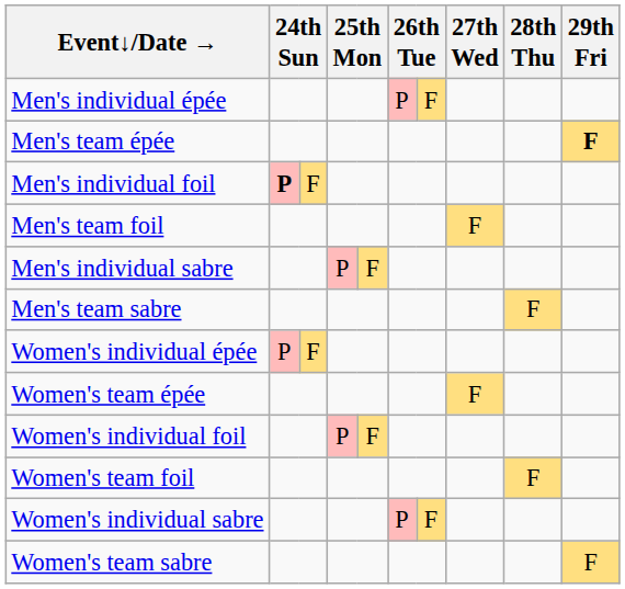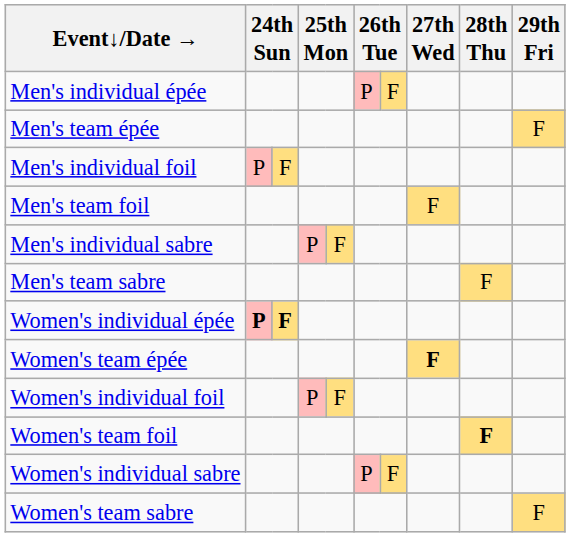 <table class="wikitable" style="margin:0.5em auto; font-size:90%; line-height:1.25em; text-align:center;">
 <tr>
 <th>Event↓/Date →</th>
 <th colspan=2>24th<br>Sun</th>
 <th colspan=2>25th<br>Mon</th>
 <th colspan=2>26th<br>Tue</th>
 <th>27th<br>Wed</th>
 <th>28th<br>Thu</th>
 <th>29th<br>Fri</th>
 </tr>
 <tr>
 <td style="text-align:left;"><a href='#'>Men's individual épée</a></td>
 <td colspan=2></td>
 <td colspan=2></td>
 <td bgcolor="#FFBBBB">P</td>
 <td bgcolor="#FFDF80">F</td>
 <td></td>
 <td></td>
 <td></td>
 </tr>
 <tr>
 <td style="text-align:left;"><a href='#'>Men's team épée</a></td>
 <td colspan=2></td>
 <td colspan=2></td>
 <td colspan=2></td>
 <td></td>
 <td></td>
-<td bgcolor="#FFDF80"><strong>F</strong></td>
+<td bgcolor="#FFDF80">F</td>
 </tr>
 <tr>
 <td style="text-align:left;"><a href='#'>Men's individual foil</a></td>
-<td bgcolor="#FFBBBB"><strong>P</strong></td>
+<td bgcolor="#FFBBBB">P</td>
 <td bgcolor="#FFDF80">F</td>
 <td colspan=2></td>
 <td colspan=2></td>
 <td></td>
 <td></td>
 <td></td>
 </tr>
 <tr>
 <td style="text-align:left;"><a href='#'>Men's team foil</a></td>
 <td colspan=2></td>
 <td colspan=2></td>
 <td colspan=2></td>
 <td bgcolor="#FFDF80">F</td>
 <td></td>
 <td></td>
 </tr>
 <tr>
 <td style="text-align:left;"><a href='#'>Men's individual sabre</a></td>
 <td colspan=2></td>
 <td bgcolor="#FFBBBB">P</td>
 <td bgcolor="#FFDF80">F</td>
 <td colspan=2></td>
 <td></td>
 <td></td>
 <td></td>
 </tr>
 <tr>
 <td style="text-align:left;"><a href='#'>Men's team sabre</a></td>
 <td colspan=2></td>
 <td colspan=2></td>
 <td colspan=2></td>
 <td></td>
 <td bgcolor="#FFDF80">F</td>
 <td></td>
 </tr>
 <tr>
 <td style="text-align:left;"><a href='#'>Women's individual épée</a></td>
-<td bgcolor="#FFBBBB">P</td>
-<td bgcolor="#FFDF80">F</td>
+<td bgcolor="#FFBBBB"><strong>P</strong></td>
+<td bgcolor="#FFDF80"><strong>F</strong></td>
 <td colspan=2></td>
 <td colspan=2></td>
 <td></td>
 <td></td>
 <td></td>
 </tr>
 <tr>
 <td style="text-align:left;"><a href='#'>Women's team épée</a></td>
 <td colspan=2></td>
 <td colspan=2></td>
 <td colspan=2></td>
-<td bgcolor="#FFDF80">F</td>
+<td bgcolor="#FFDF80"><strong>F</strong></td>
 <td></td>
 <td></td>
 </tr>
 <tr>
 <td style="text-align:left;"><a href='#'>Women's individual foil</a></td>
 <td colspan=2></td>
 <td bgcolor="#FFBBBB">P</td>
 <td bgcolor="#FFDF80">F</td>
 <td colspan=2></td>
 <td></td>
 <td></td>
 <td></td>
 </tr>
 <tr>
 <td style="text-align:left;"><a href='#'>Women's team foil</a></td>
 <td colspan=2></td>
 <td colspan=2></td>
 <td colspan=2></td>
 <td></td>
-<td bgcolor="#FFDF80">F</td>
+<td bgcolor="#FFDF80"><strong>F</strong></td>
 <td></td>
 </tr>
 <tr>
 <td style="text-align:left;"><a href='#'>Women's individual sabre</a></td>
 <td colspan=2></td>
 <td colspan=2></td>
 <td bgcolor="#FFBBBB">P</td>
 <td bgcolor="#FFDF80">F</td>
 <td></td>
 <td></td>
 <td></td>
 </tr>
 <tr>
 <td style="text-align:left;"><a href='#'>Women's team sabre</a></td>
 <td colspan=2></td>
 <td colspan=2></td>
 <td colspan=2></td>
 <td></td>
 <td></td>
 <td bgcolor="#FFDF80">F</td>
 </tr>
 </table>
